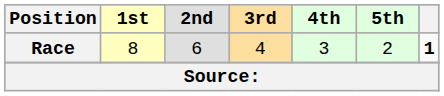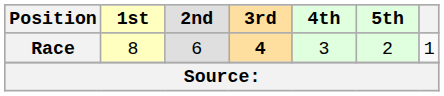 <table class="wikitable" style="font-size: 85%; text-align:center">
 <tr>
 <th>Position</th>
 <th style="background-color:#ffffbf"> 1st </th>
 <th style="background-color:#dfdfdf"> 2nd </th>
 <th style="background-color:#ffdf9f"> 3rd </th>
 <th style="background-color:#dfffdf"> 4th </th>
 <th style="background-color:#dfffdf"> 5th </th>
 <th><a href='#'></a></th>
 </tr>
 <tr>
 <th>Race</th>
 <td style="background-color:#ffffbf">8</td>
 <td style="background-color:#dfdfdf">6</td>
-<td style="background-color:#ffdf9f">4</td>
+<td style="background-color:#ffdf9f"><strong>4</strong></td>
 <td style="background-color:#dfffdf">3</td>
 <td style="background-color:#dfffdf">2</td>
-<td><strong>1</strong></td>
+<td>1</td>
 </tr>
 <tr>
 </tr>
 <tr class="sortbottom">
 <th colspan="7">Source:</th>
 </tr>
 </table>
